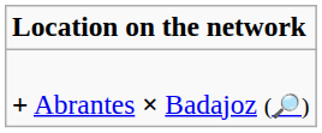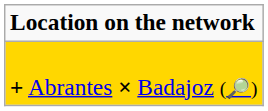 <table role="presentation" class="wikitable mw-collapsible mw-collapsed floatright">
 <tr>
 <td><strong>Location on the network</strong></td>
 </tr>
 <tr>
-<td><br><span><strong>+</strong> <a href='#'>Abrantes</a></span> <span><strong>×</strong> <a href='#'>Badajoz</a></span> <small>(<a href='#'>🔎</a>)</small></td>
+<td style="background: gold;"><br><span><strong>+</strong> <a href='#'>Abrantes</a></span> <span><strong>×</strong> <a href='#'>Badajoz</a></span> <small>(<a href='#'>🔎</a>)</small></td>
 </tr>
 </table>
